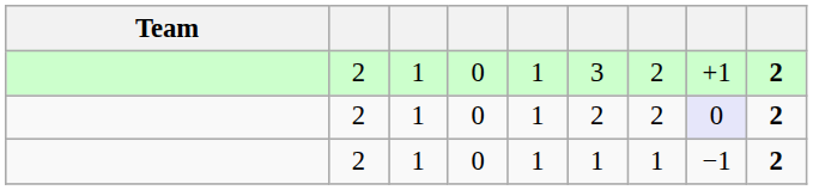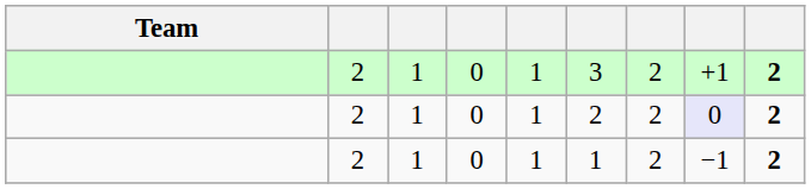 <table class="wikitable" style="text-align: center; font-size: 90%;">
 <tr>
 <th width=165>Team</th>
 <th width=25></th>
 <th width=25></th>
 <th width=25></th>
 <th width=25></th>
 <th width=25></th>
 <th width=25></th>
 <th width=25></th>
 <th width=25></th>
 </tr>
 <tr style="background:#cfc;">
 <td align=left></td>
 <td>2</td>
 <td>1</td>
 <td>0</td>
 <td>1</td>
 <td>3</td>
 <td>2</td>
 <td>+1</td>
 <td><strong>2</strong></td>
 </tr>
 <tr>
 <td align=left></td>
 <td>2</td>
 <td>1</td>
 <td>0</td>
 <td>1</td>
 <td>2</td>
 <td>2</td>
 <td style="background: lavender;">0</td>
 <td><strong>2</strong></td>
 </tr>
 <tr>
 <td align=left></td>
 <td>2</td>
 <td>1</td>
 <td>0</td>
 <td>1</td>
 <td>1</td>
-<td>1</td>
+<td>2</td>
 <td>−1</td>
 <td><strong>2</strong></td>
 </tr>
 </table>
